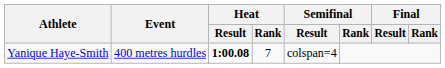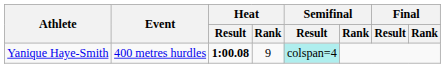 <table class="wikitable" style="font-size:90%">
 <tr>
 <th rowspan="2">Athlete</th>
 <th rowspan="2">Event</th>
 <th colspan="2">Heat</th>
 <th colspan="2">Semifinal</th>
 <th colspan="2">Final</th>
 </tr>
 <tr style="font-size:95%">
 <th>Result</th>
 <th>Rank</th>
 <th>Result</th>
 <th>Rank</th>
 <th>Result</th>
 <th>Rank</th>
 </tr>
 <tr align=center>
 <td align=left><a href='#'>Yanique Haye-Smith</a></td>
 <td align=left><a href='#'>400 metres hurdles</a></td>
 <td><strong>1:00.08</strong></td>
-<td>7</td>
-<td>colspan=4 </td>
+<td>9</td>
+<td style="background: paleturquoise;">colspan=4 </td>
 </tr>
 </table>
